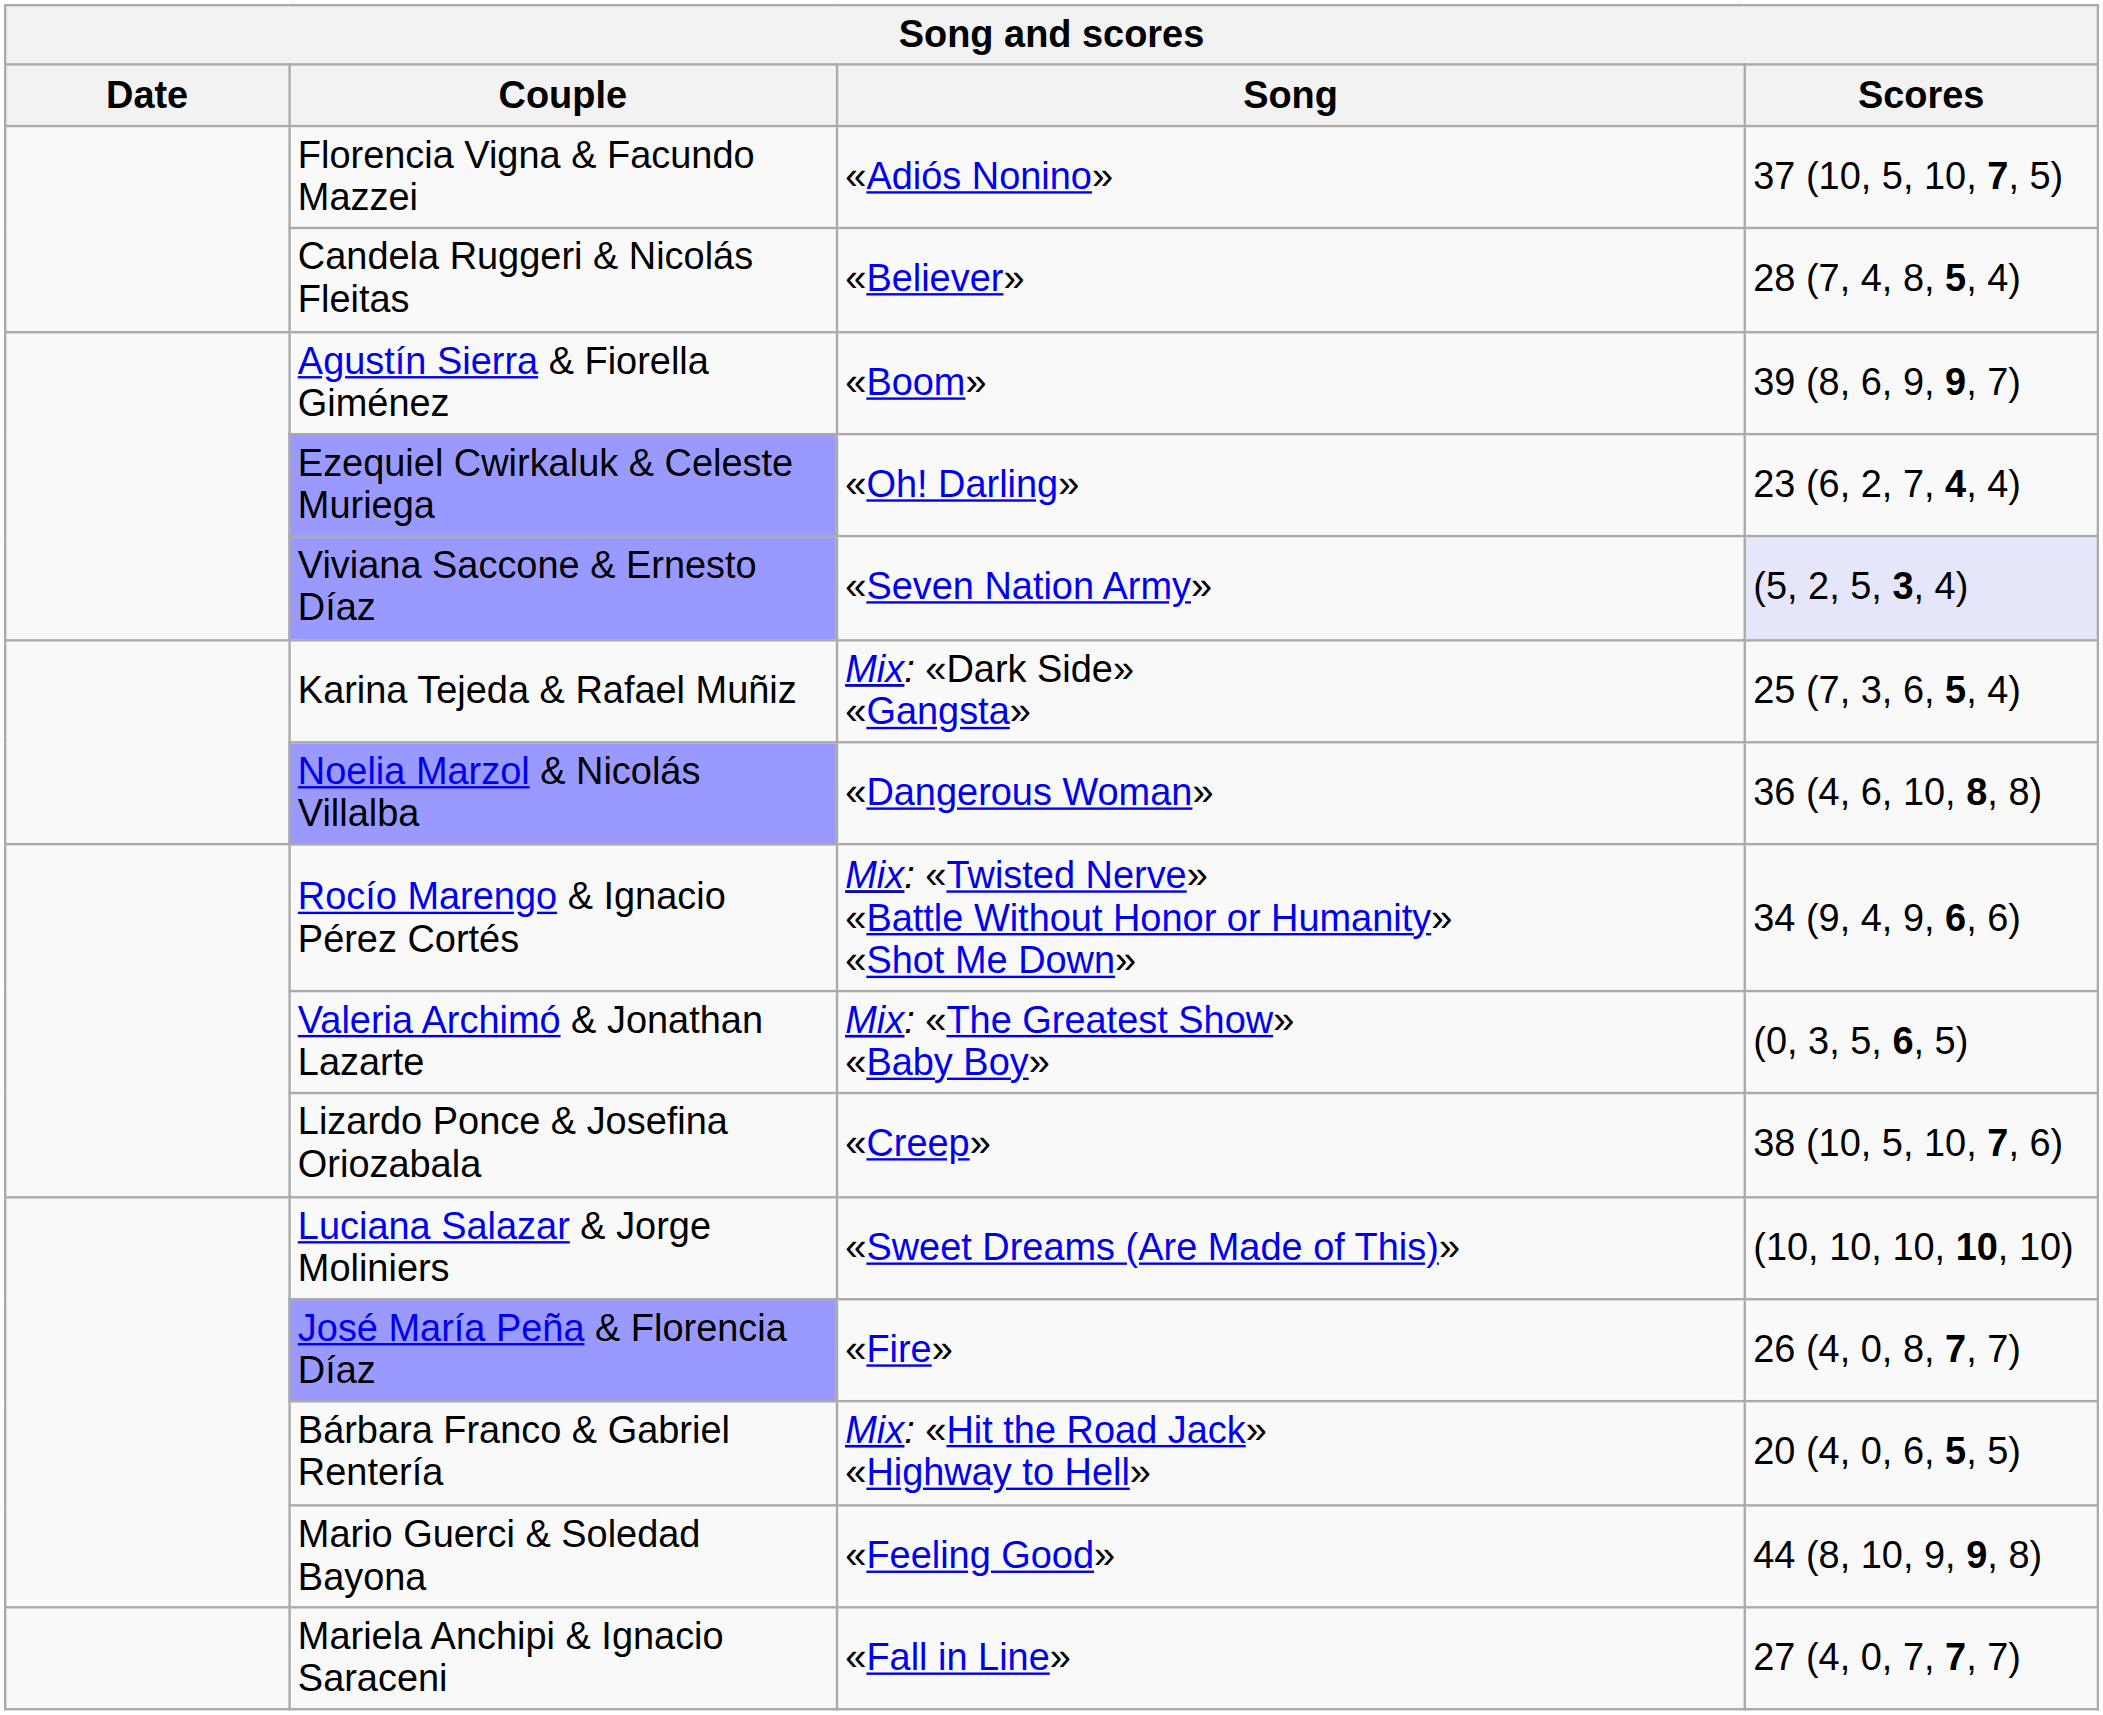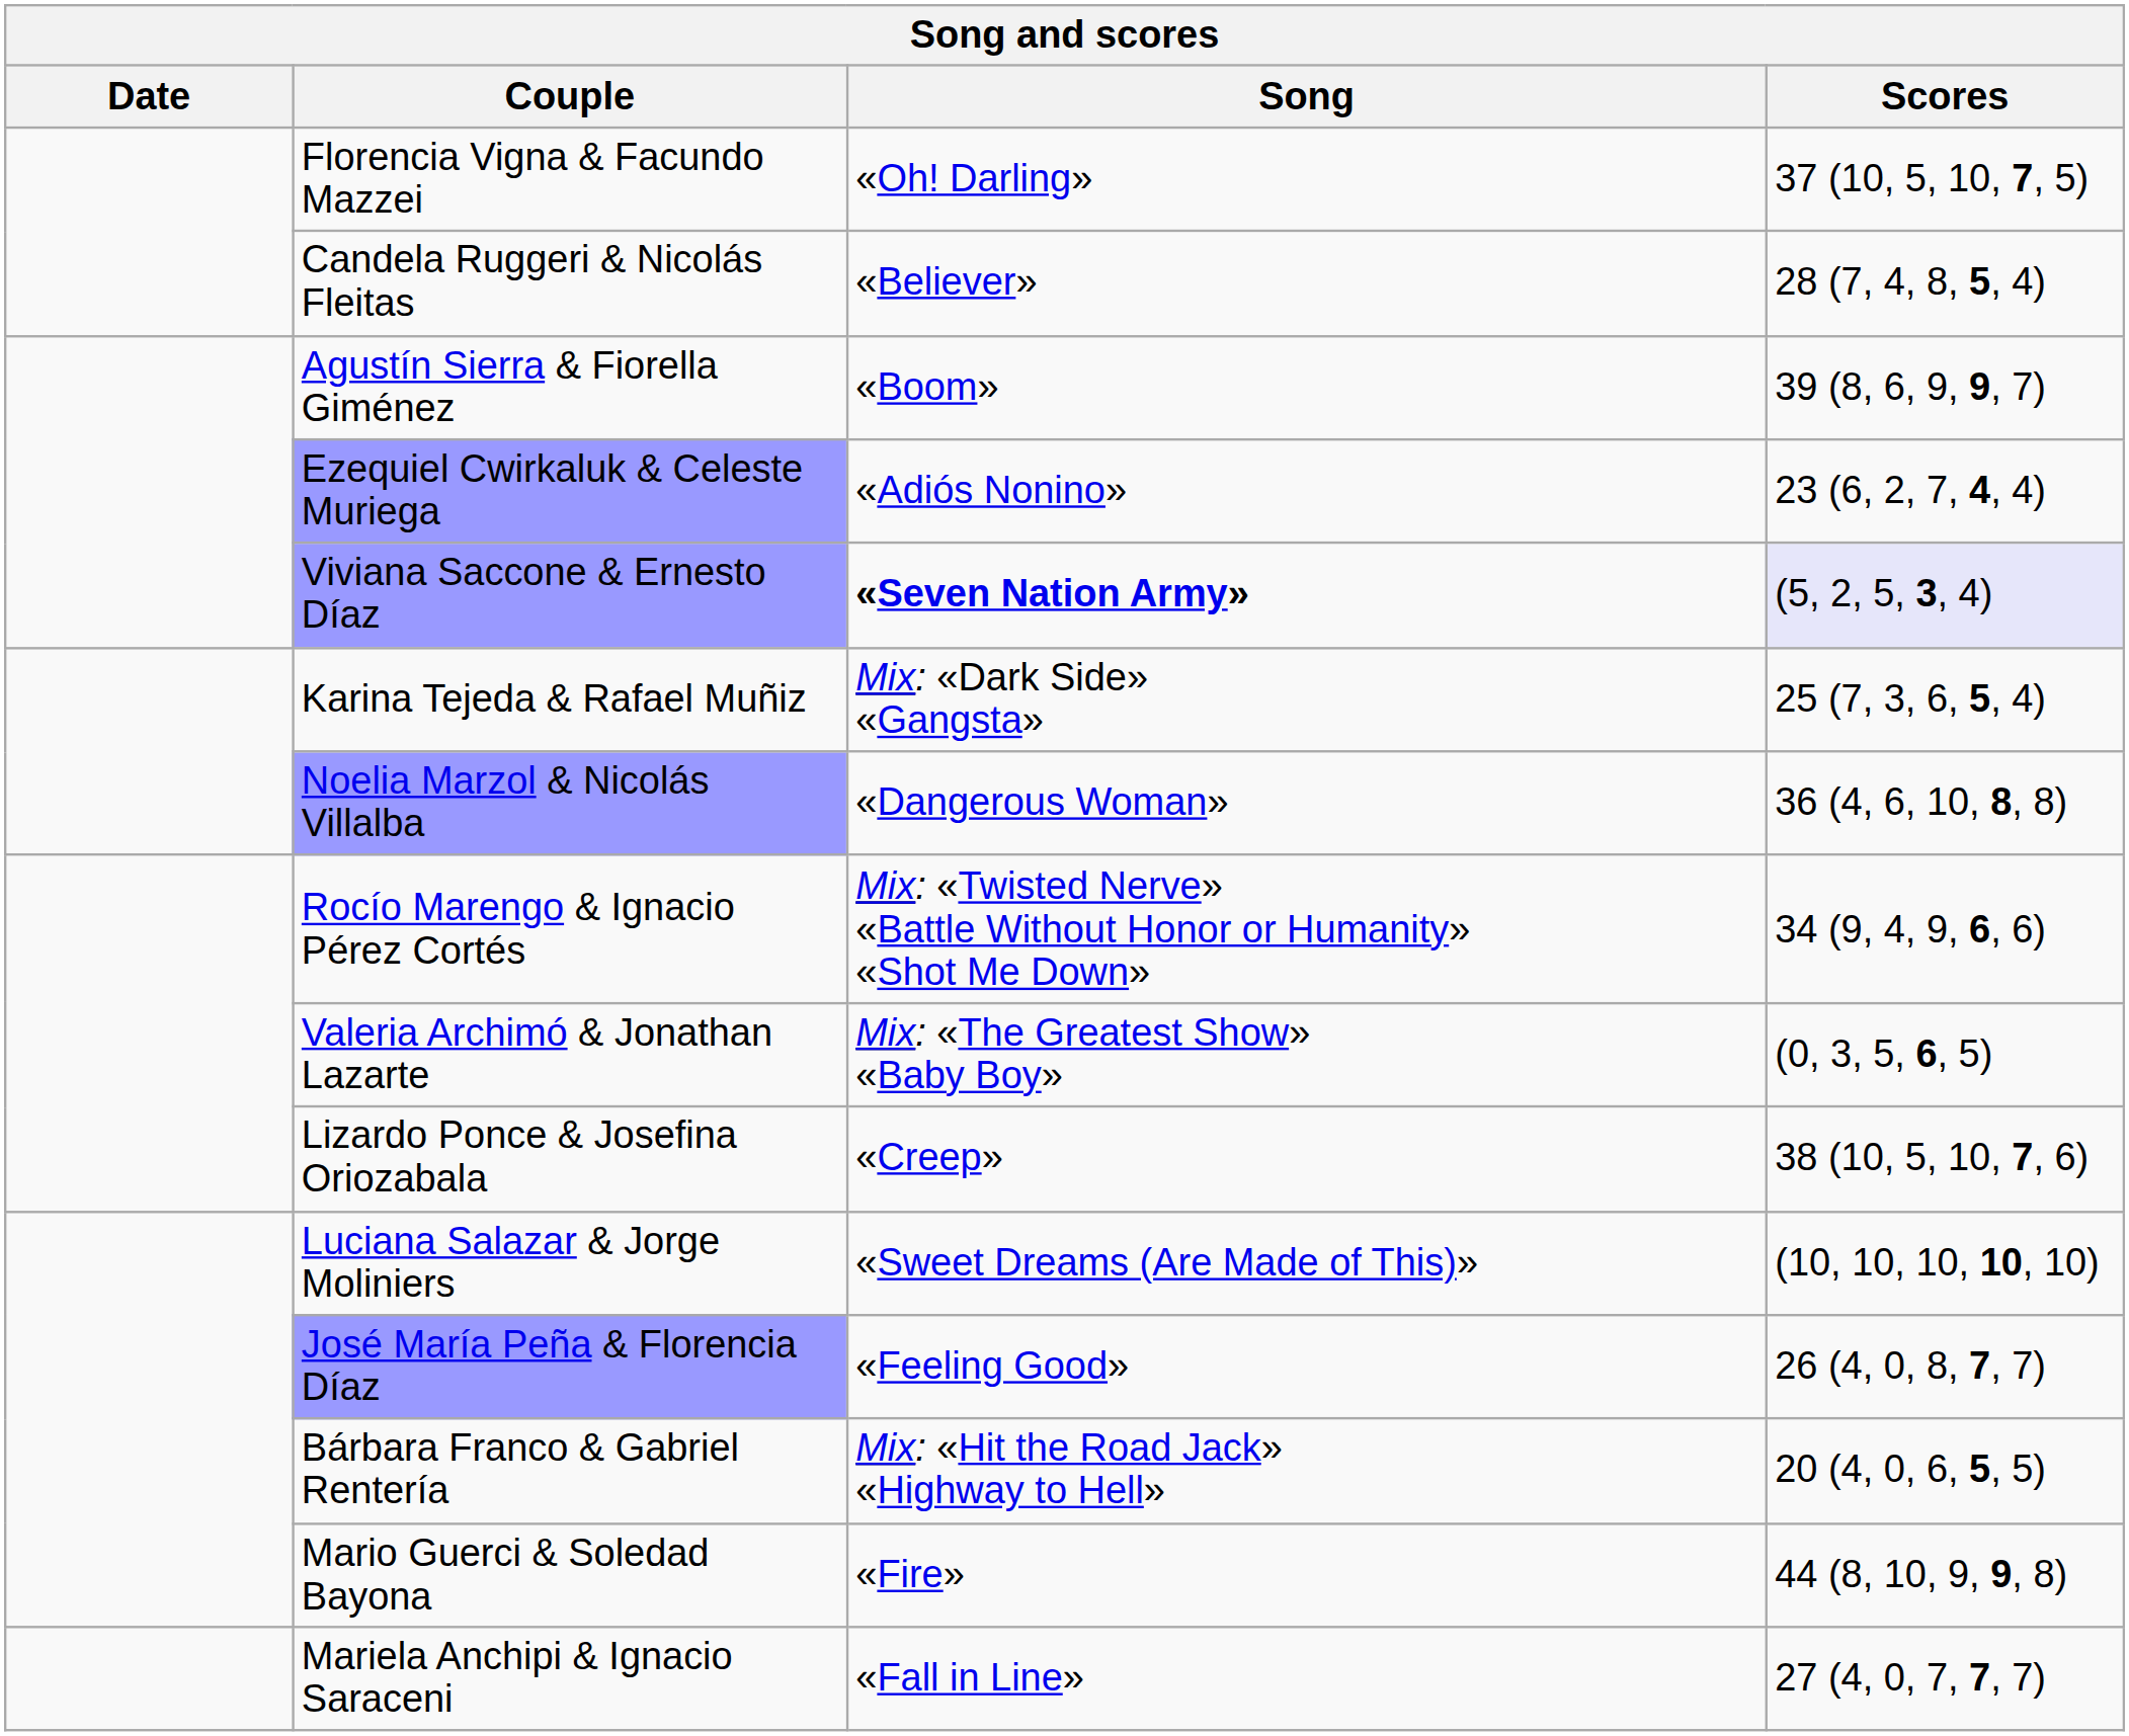 <table class="wikitable collapsible collapsed" style="text-align: align; width: 100%;">
 <tr>
 <th colspan="11" style="with: 100%;" align="center">Song and scores</th>
 </tr>
 <tr>
 <th width=95>Date</th>
 <th width=190>Couple</th>
 <th width=320>Song</th>
 <th width=120>Scores</th>
 </tr>
 <tr>
 <td rowspan="2"></td>
 <td>Florencia Vigna & Facundo Mazzei</td>
-<td>«<a href='#'>Adiós Nonino</a>» </td>
+<td>«<a href='#'>Oh! Darling</a>» </td>
 <td>37 (10, 5, 10, <strong>7</strong>, 5)</td>
 </tr>
 <tr>
 <td>Candela Ruggeri & Nicolás Fleitas</td>
 <td>«<a href='#'>Believer</a>» </td>
 <td>28 (7, 4, 8, <strong>5</strong>, 4)</td>
 </tr>
 <tr>
 <td rowspan="3"></td>
 <td><a href='#'>Agustín Sierra</a> & Fiorella Giménez</td>
 <td>«<a href='#'>Boom</a>» </td>
 <td>39 (8, 6, 9, <strong>9</strong>, 7)</td>
 </tr>
 <tr>
 <td bgcolor="#9999FF">Ezequiel Cwirkaluk & Celeste Muriega</td>
-<td>«<a href='#'>Oh! Darling</a>» </td>
+<td>«<a href='#'>Adiós Nonino</a>» </td>
 <td>23 (6, 2, 7, <strong>4</strong>, 4)</td>
 </tr>
 <tr>
 <td bgcolor="#9999FF">Viviana Saccone & Ernesto Díaz</td>
-<td>«<a href='#'>Seven Nation Army</a>» </td>
+<td><strong>«<a href='#'>Seven Nation Army</a>» </strong></td>
 <td style="background: lavender;"> (5, 2, 5, <strong>3</strong>, 4)</td>
 </tr>
 <tr>
 <td rowspan="2"></td>
 <td>Karina Tejeda & Rafael Muñiz</td>
 <td><em><u><a href='#'>Mix</a></u>:</em> «Dark Side» <br>«<a href='#'>Gangsta</a>» </td>
 <td>25 (7, 3, 6, <strong>5</strong>, 4)</td>
 </tr>
 <tr>
 <td bgcolor="#9999FF"><a href='#'>Noelia Marzol</a> & Nicolás Villalba</td>
 <td>«<a href='#'>Dangerous Woman</a>» </td>
 <td>36 (4, 6, 10, <strong>8</strong>, 8)</td>
 </tr>
 <tr>
 <td rowspan="3"></td>
 <td><a href='#'>Rocío Marengo</a> & Ignacio Pérez Cortés</td>
 <td><em><u><a href='#'>Mix</a></u>:</em> «<a href='#'>Twisted Nerve</a>» <br>«<a href='#'>Battle Without Honor or Humanity</a>»  <br>«<a href='#'>Shot Me Down</a>» </td>
 <td>34 (9, 4, 9, <strong>6</strong>, 6)</td>
 </tr>
 <tr>
 <td><a href='#'>Valeria Archimó</a> & Jonathan Lazarte</td>
 <td><em><u><a href='#'>Mix</a></u>:</em> «<a href='#'>The Greatest Show</a>» <br>«<a href='#'>Baby Boy</a>» </td>
 <td> (0, 3, 5, <strong>6</strong>, 5)</td>
 </tr>
 <tr>
 <td>Lizardo Ponce & Josefina Oriozabala</td>
 <td>«<a href='#'>Creep</a>» </td>
 <td>38 (10, 5, 10, <strong>7</strong>, 6)</td>
 </tr>
 <tr>
 <td rowspan="4"></td>
 <td><a href='#'>Luciana Salazar</a> & Jorge Moliniers</td>
 <td>«<a href='#'>Sweet Dreams (Are Made of This)</a>» </td>
 <td> (10, 10, 10, <strong>10</strong>, 10)</td>
 </tr>
 <tr>
 <td bgcolor="#9999FF"><a href='#'>José María Peña</a> & Florencia Díaz<br></td>
-<td>«<a href='#'>Fire</a>» </td>
+<td>«<a href='#'>Feeling Good</a>» </td>
 <td>26 (4, 0, 8, <strong>7</strong>, 7)</td>
 </tr>
 <tr>
 <td>Bárbara Franco & Gabriel Rentería</td>
 <td><em><u><a href='#'>Mix</a></u>:</em> «<a href='#'>Hit the Road Jack</a>» <br>«<a href='#'>Highway to Hell</a>» </td>
 <td>20 (4, 0, 6, <strong>5</strong>, 5)</td>
 </tr>
 <tr>
 <td>Mario Guerci & Soledad Bayona</td>
-<td>«<a href='#'>Feeling Good</a>» </td>
+<td>«<a href='#'>Fire</a>» </td>
 <td>44 (8, 10, 9, <strong>9</strong>, 8)</td>
 </tr>
 <tr>
 <td></td>
 <td>Mariela Anchipi & Ignacio Saraceni</td>
 <td>«<a href='#'>Fall in Line</a>» </td>
 <td>27 (4, 0, 7, <strong>7</strong>, 7)</td>
 </tr>
 </table>
